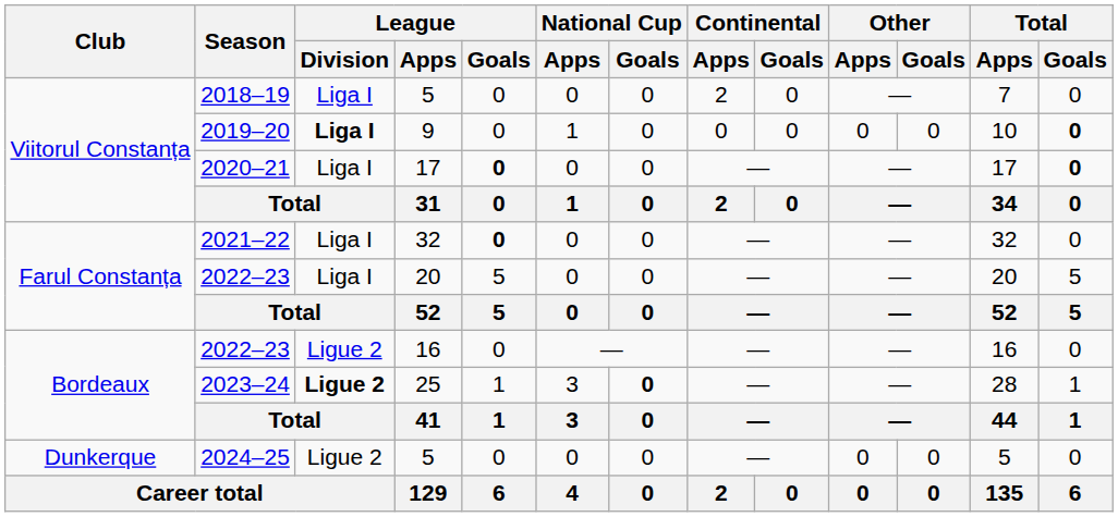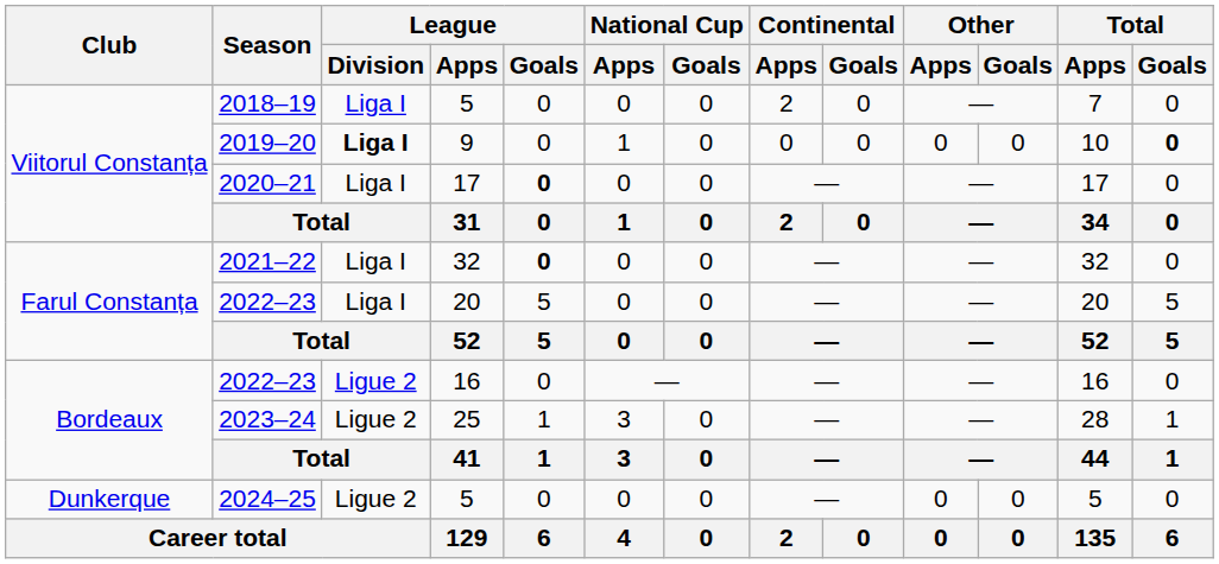 <table class=wikitable style=text-align:center>
 <tr>
 <th rowspan=2>Club</th>
 <th rowspan=2>Season</th>
 <th colspan=3>League</th>
 <th colspan=2>National Cup</th>
 <th colspan=2>Continental</th>
 <th colspan=2>Other</th>
 <th colspan=2>Total</th>
 </tr>
 <tr>
 <th>Division</th>
 <th>Apps</th>
 <th>Goals</th>
 <th>Apps</th>
 <th>Goals</th>
 <th>Apps</th>
 <th>Goals</th>
 <th>Apps</th>
 <th>Goals</th>
 <th>Apps</th>
 <th>Goals</th>
 </tr>
 <tr>
 <td rowspan="4"><a href='#'>Viitorul Constanța</a></td>
 <td><a href='#'>2018–19</a></td>
 <td><a href='#'>Liga I</a></td>
 <td>5</td>
 <td>0</td>
 <td>0</td>
 <td>0</td>
 <td>2</td>
 <td>0</td>
 <td colspan=2>—</td>
 <td>7</td>
 <td>0</td>
 </tr>
 <tr>
 <td><a href='#'>2019–20</a></td>
 <td><strong>Liga I</strong></td>
 <td>9</td>
 <td>0</td>
 <td>1</td>
 <td>0</td>
 <td>0</td>
 <td>0</td>
 <td>0</td>
 <td>0</td>
 <td>10</td>
 <td><strong>0</strong></td>
 </tr>
 <tr>
 <td><a href='#'>2020–21</a></td>
 <td>Liga I</td>
 <td>17</td>
 <td><strong>0</strong></td>
 <td>0</td>
 <td>0</td>
 <td colspan=2>—</td>
 <td colspan=2>—</td>
 <td>17</td>
-<td><strong>0</strong></td>
+<td>0</td>
 </tr>
 <tr>
 <th colspan="2">Total</th>
 <th>31</th>
 <th>0</th>
 <th>1</th>
 <th>0</th>
 <th>2</th>
 <th>0</th>
 <th colspan="2">—</th>
 <th>34</th>
 <th>0</th>
 </tr>
 <tr>
 <td rowspan="3"><a href='#'>Farul Constanța</a></td>
 <td><a href='#'>2021–22</a></td>
 <td>Liga I</td>
 <td>32</td>
 <td><strong>0</strong></td>
 <td>0</td>
 <td>0</td>
 <td colspan=2>—</td>
 <td colspan=2>—</td>
 <td>32</td>
 <td>0</td>
 </tr>
 <tr>
 <td><a href='#'>2022–23</a></td>
 <td>Liga I</td>
 <td>20</td>
 <td>5</td>
 <td>0</td>
 <td>0</td>
 <td colspan=2>—</td>
 <td colspan=2>—</td>
 <td>20</td>
 <td>5</td>
 </tr>
 <tr>
 <th colspan="2">Total</th>
 <th>52</th>
 <th>5</th>
 <th>0</th>
 <th>0</th>
 <th colspan="2">—</th>
 <th colspan="2">—</th>
 <th>52</th>
 <th>5</th>
 </tr>
 <tr>
 <td rowspan="3"><a href='#'>Bordeaux</a></td>
 <td><a href='#'>2022–23</a></td>
 <td><a href='#'>Ligue 2</a></td>
 <td>16</td>
 <td>0</td>
 <td colspan=2>—</td>
 <td colspan=2>—</td>
 <td colspan=2>—</td>
 <td>16</td>
 <td>0</td>
 </tr>
 <tr>
 <td><a href='#'>2023–24</a></td>
-<td><strong>Ligue 2</strong></td>
+<td>Ligue 2</td>
 <td>25</td>
 <td>1</td>
 <td>3</td>
-<td><strong>0</strong></td>
+<td>0</td>
 <td colspan=2>—</td>
 <td colspan=2>—</td>
 <td>28</td>
 <td>1</td>
 </tr>
 <tr>
 <th colspan="2">Total</th>
 <th>41</th>
 <th>1</th>
 <th>3</th>
 <th>0</th>
 <th colspan="2">—</th>
 <th colspan="2">—</th>
 <th>44</th>
 <th>1</th>
 </tr>
 <tr>
 <td rowspan="1"><a href='#'>Dunkerque</a></td>
 <td><a href='#'>2024–25</a></td>
 <td>Ligue 2</td>
 <td>5</td>
 <td>0</td>
 <td>0</td>
 <td>0</td>
 <td colspan=2>—</td>
 <td>0</td>
 <td>0</td>
 <td>5</td>
 <td>0</td>
 </tr>
 <tr>
 <th colspan="3">Career total</th>
 <th>129</th>
 <th>6</th>
 <th>4</th>
 <th>0</th>
 <th>2</th>
 <th>0</th>
 <th>0</th>
 <th>0</th>
 <th>135</th>
 <th>6</th>
 </tr>
 </table>
